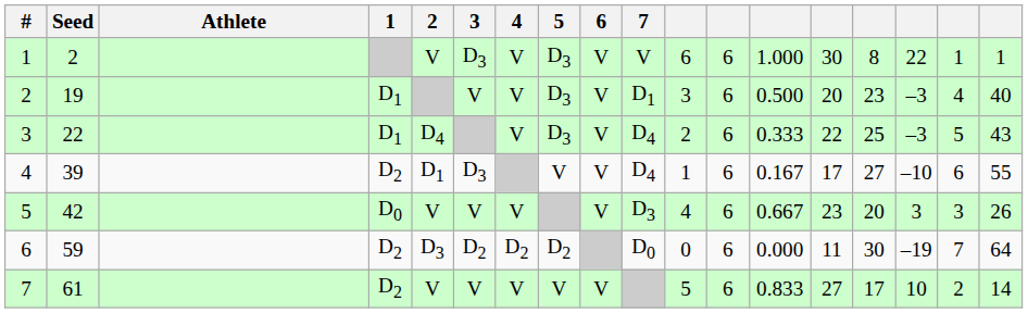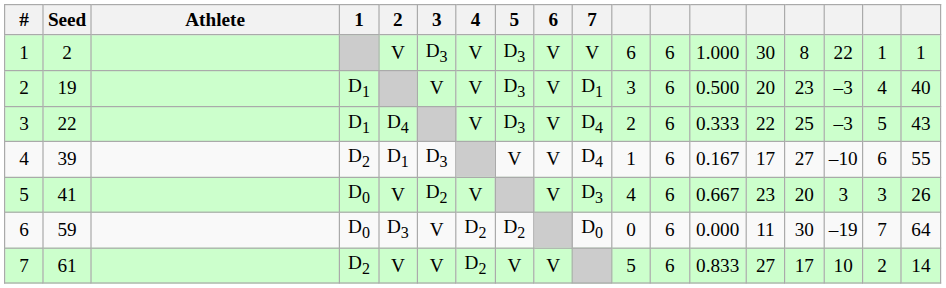 <table class="wikitable" style="text-align:center">
 <tr>
 <th width="25">#</th>
 <th width="25">Seed</th>
 <th width="200">Athlete</th>
 <th width="25">1</th>
 <th width="25">2</th>
 <th width="25">3</th>
 <th width="25">4</th>
 <th width="25">5</th>
 <th width="25">6</th>
 <th width="25">7</th>
 <th width="25"></th>
 <th width="25"></th>
 <th width="40"></th>
 <th width="25"></th>
 <th width="25"></th>
 <th width="25"></th>
 <th width="25"></th>
 <th width="25"></th>
 </tr>
 <tr bgcolor="#ccffcc">
 <td>1</td>
 <td>2</td>
 <td align=left></td>
 <td bgcolor="#cccccc"></td>
 <td>V</td>
 <td>D<sub>3</sub></td>
 <td>V</td>
 <td>D<sub>3</sub></td>
 <td>V</td>
 <td>V</td>
 <td>6</td>
 <td>6</td>
 <td>1.000</td>
 <td>30</td>
 <td>8</td>
 <td>22</td>
 <td>1</td>
 <td>1</td>
 </tr>
 <tr bgcolor="#ccffcc">
 <td>2</td>
 <td>19</td>
 <td align=left></td>
 <td>D<sub>1</sub></td>
 <td bgcolor="#cccccc"></td>
 <td>V</td>
 <td>V</td>
 <td>D<sub>3</sub></td>
 <td>V</td>
 <td>D<sub>1</sub></td>
 <td>3</td>
 <td>6</td>
 <td>0.500</td>
 <td>20</td>
 <td>23</td>
 <td>–3</td>
 <td>4</td>
 <td>40</td>
 </tr>
 <tr bgcolor="#ccffcc">
 <td>3</td>
 <td>22</td>
 <td align=left></td>
 <td>D<sub>1</sub></td>
 <td>D<sub>4</sub></td>
 <td bgcolor="#cccccc"></td>
 <td>V</td>
 <td>D<sub>3</sub></td>
 <td>V</td>
 <td>D<sub>4</sub></td>
 <td>2</td>
 <td>6</td>
 <td>0.333</td>
 <td>22</td>
 <td>25</td>
 <td>–3</td>
 <td>5</td>
 <td>43</td>
 </tr>
 <tr>
 <td>4</td>
 <td>39</td>
 <td align=left></td>
 <td>D<sub>2</sub></td>
 <td>D<sub>1</sub></td>
 <td>D<sub>3</sub></td>
 <td bgcolor="#cccccc"></td>
 <td>V</td>
 <td>V</td>
 <td>D<sub>4</sub></td>
 <td>1</td>
 <td>6</td>
 <td>0.167</td>
 <td>17</td>
 <td>27</td>
 <td>–10</td>
 <td>6</td>
 <td>55</td>
 </tr>
 <tr bgcolor="#ccffcc">
 <td>5</td>
-<td>42</td>
+<td>41</td>
 <td align=left></td>
 <td>D<sub>0</sub></td>
 <td>V</td>
-<td>V</td>
+<td>D<sub>2</sub></td>
 <td>V</td>
 <td bgcolor="#cccccc"></td>
 <td>V</td>
 <td>D<sub>3</sub></td>
 <td>4</td>
 <td>6</td>
 <td>0.667</td>
 <td>23</td>
 <td>20</td>
 <td>3</td>
 <td>3</td>
 <td>26</td>
 </tr>
 <tr>
 <td>6</td>
 <td>59</td>
 <td align=left></td>
-<td>D<sub>2</sub></td>
+<td>D<sub>0</sub></td>
 <td>D<sub>3</sub></td>
-<td>D<sub>2</sub></td>
+<td>V</td>
 <td>D<sub>2</sub></td>
 <td>D<sub>2</sub></td>
 <td bgcolor="#cccccc"></td>
 <td>D<sub>0</sub></td>
 <td>0</td>
 <td>6</td>
 <td>0.000</td>
 <td>11</td>
 <td>30</td>
 <td>–19</td>
 <td>7</td>
 <td>64</td>
 </tr>
 <tr bgcolor="#ccffcc">
 <td>7</td>
 <td>61</td>
 <td align=left></td>
 <td>D<sub>2</sub></td>
 <td>V</td>
 <td>V</td>
-<td>V</td>
+<td>D<sub>2</sub></td>
 <td>V</td>
 <td>V</td>
 <td bgcolor="#cccccc"></td>
 <td>5</td>
 <td>6</td>
 <td>0.833</td>
 <td>27</td>
 <td>17</td>
 <td>10</td>
 <td>2</td>
 <td>14</td>
 </tr>
 </table>
